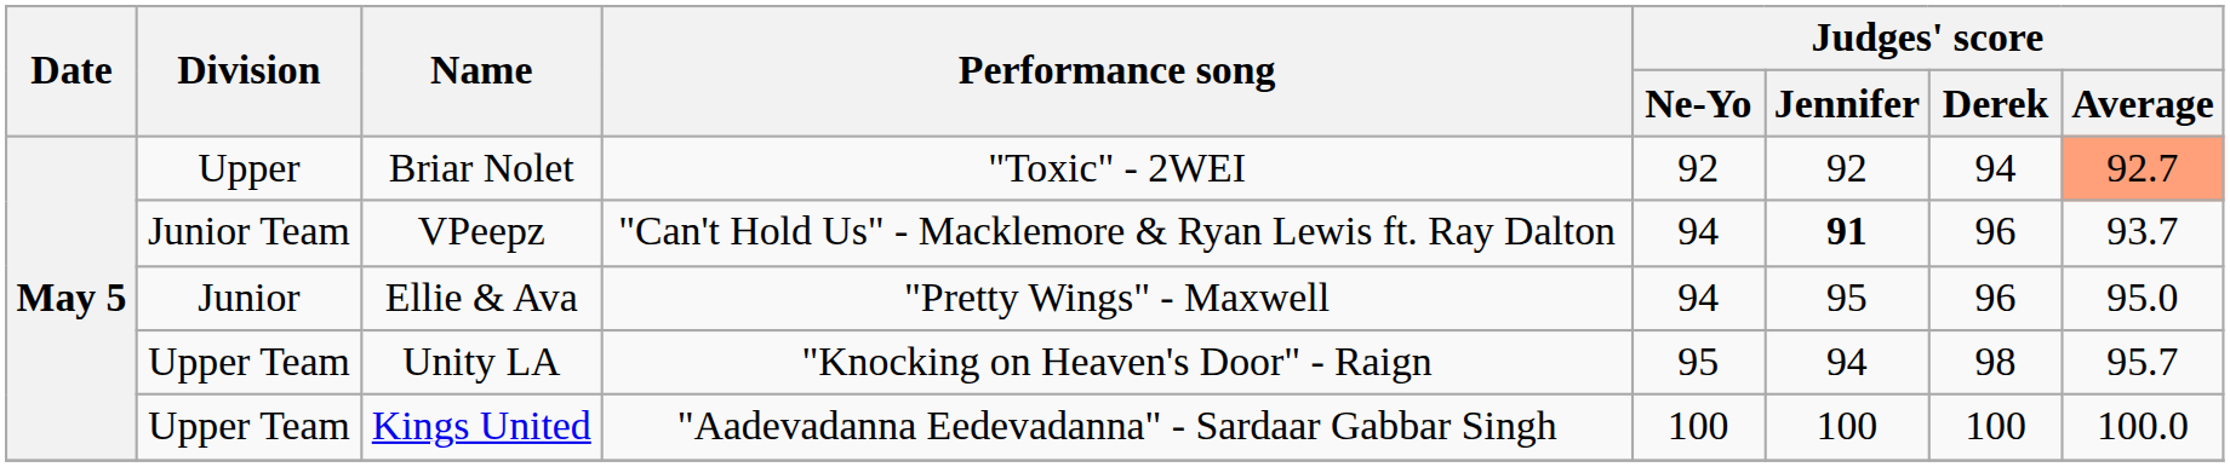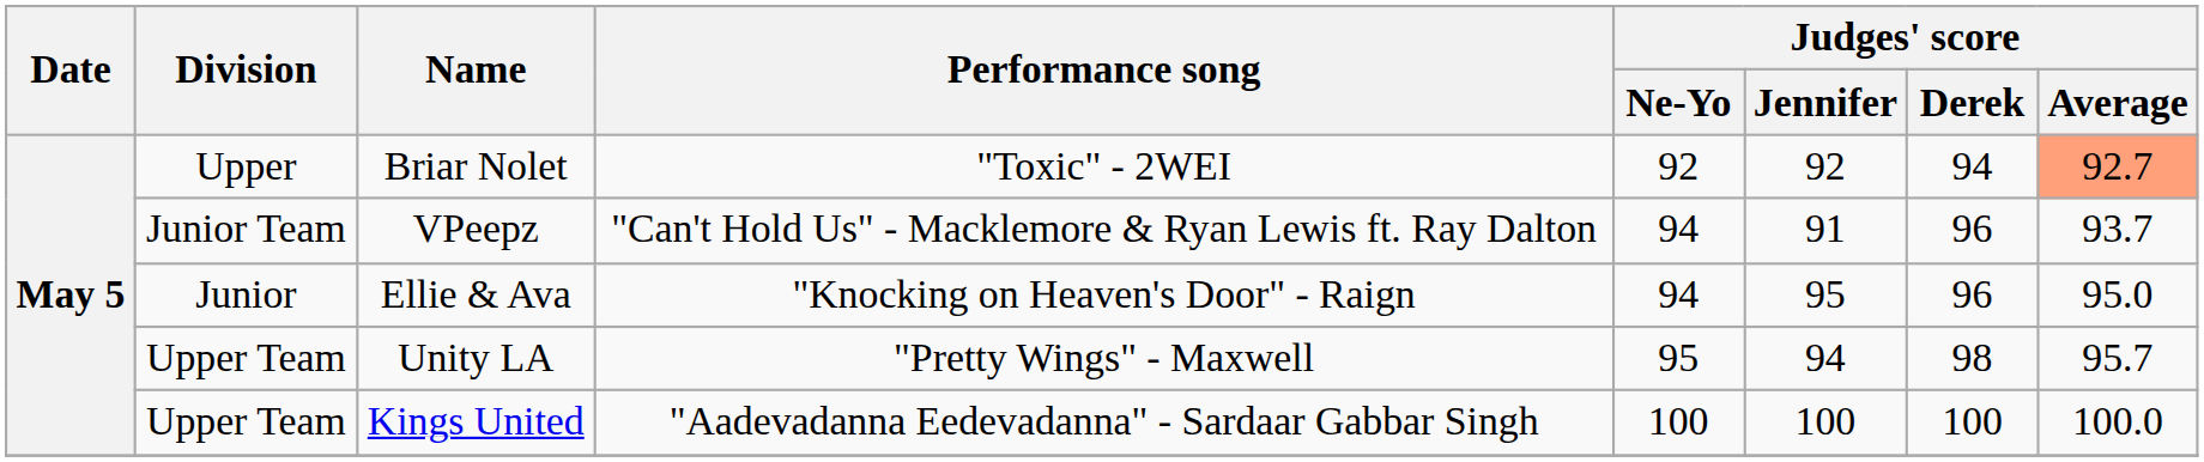 <table class="wikitable sortable" style="text-align:center;">
 <tr>
 <th scope="col" rowspan="2">Date</th>
 <th scope="col" rowspan="2">Division</th>
 <th scope="col" rowspan="2" class="unsortable">Name</th>
 <th scope="col" rowspan="2" class="unsortable">Performance song</th>
 <th scope="col" colspan="4">Judges' score</th>
 </tr>
 <tr>
 <th style="width:06%;">Ne-Yo</th>
 <th style="width:06%;">Jennifer</th>
 <th style="width:06%;">Derek</th>
 <th style="width:06%;">Average</th>
 </tr>
 <tr>
 <th scope="row" rowspan="5">May 5</th>
 <td>Upper</td>
 <td>Briar Nolet</td>
 <td>"Toxic" - 2WEI</td>
 <td>92</td>
 <td>92</td>
 <td>94</td>
 <td style="background: lightsalmon;">92.7</td>
 </tr>
 <tr>
 <td>Junior Team</td>
 <td>VPeepz</td>
 <td>"Can't Hold Us" - Macklemore & Ryan Lewis ft. Ray Dalton</td>
 <td>94</td>
-<td><strong>91</strong></td>
+<td>91</td>
 <td>96</td>
 <td>93.7</td>
 </tr>
 <tr>
 <td>Junior</td>
 <td>Ellie & Ava</td>
-<td>"Pretty Wings" - Maxwell</td>
+<td>"Knocking on Heaven's Door" - Raign</td>
 <td>94</td>
 <td>95</td>
 <td>96</td>
 <td>95.0</td>
 </tr>
 <tr>
 <td>Upper Team</td>
 <td>Unity LA</td>
-<td>"Knocking on Heaven's Door" - Raign</td>
+<td>"Pretty Wings" - Maxwell</td>
 <td>95</td>
 <td>94</td>
 <td>98</td>
 <td>95.7</td>
 </tr>
 <tr>
 <td>Upper Team</td>
 <td><a href='#'>Kings United</a></td>
 <td>"Aadevadanna Eedevadanna" - Sardaar Gabbar Singh</td>
 <td>100</td>
 <td>100</td>
 <td>100</td>
 <td>100.0</td>
 </tr>
 <tr>
 </tr>
 </table>
